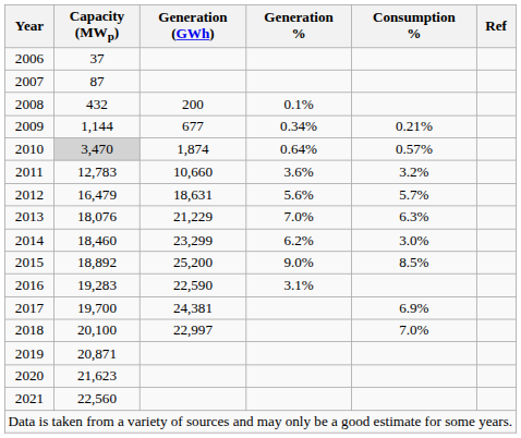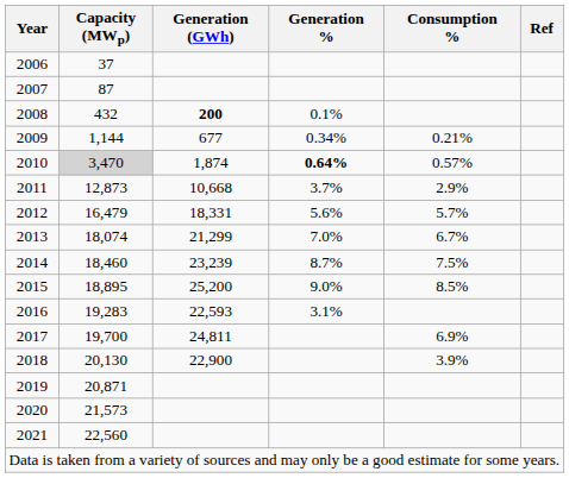 <table class="wikitable" style=": left; text-align: center;">
 <tr>
 <th>Year</th>
 <th>Capacity<br>(MW<sub>p</sub>)</th>
 <th>Generation<br>(<a href='#'>GWh</a>)</th>
 <th>Generation<br>%</th>
 <th>Consumption<br>%</th>
 <th>Ref</th>
 </tr>
 <tr>
 <td>2006</td>
 <td>37</td>
 <td></td>
 <td></td>
 <td></td>
 <td></td>
 </tr>
 <tr>
 <td>2007</td>
 <td>87</td>
 <td></td>
 <td></td>
 <td></td>
 <td></td>
 </tr>
 <tr>
 <td>2008</td>
 <td>432</td>
-<td>200</td>
+<td><strong>200</strong></td>
 <td>0.1%</td>
 <td></td>
 <td></td>
 </tr>
 <tr>
 <td>2009</td>
 <td>1,144</td>
 <td>677</td>
 <td>0.34%</td>
 <td>0.21%</td>
 <td></td>
 </tr>
 <tr>
 <td>2010</td>
 <td style="background: lightgrey;">3,470</td>
 <td>1,874</td>
-<td>0.64%</td>
+<td><strong>0.64%</strong></td>
 <td>0.57%</td>
 <td></td>
 </tr>
 <tr>
 <td>2011</td>
-<td>12,783</td>
-<td>10,660</td>
-<td>3.6%</td>
-<td>3.2%</td>
+<td>12,873</td>
+<td>10,668</td>
+<td>3.7%</td>
+<td>2.9%</td>
 <td></td>
 </tr>
 <tr>
 <td>2012</td>
 <td>16,479</td>
-<td>18,631</td>
+<td>18,331</td>
 <td>5.6%</td>
 <td>5.7%</td>
 <td></td>
 </tr>
 <tr>
 <td>2013</td>
-<td>18,076</td>
-<td>21,229</td>
+<td>18,074</td>
+<td>21,299</td>
 <td>7.0%</td>
-<td>6.3%</td>
+<td>6.7%</td>
 <td></td>
 </tr>
 <tr>
 <td>2014</td>
 <td>18,460</td>
-<td>23,299</td>
-<td>6.2%</td>
-<td>3.0%</td>
+<td>23,239</td>
+<td>8.7%</td>
+<td>7.5%</td>
 <td></td>
 </tr>
 <tr>
 <td>2015</td>
-<td>18,892</td>
+<td>18,895</td>
 <td>25,200</td>
 <td>9.0%</td>
 <td>8.5%</td>
 <td></td>
 </tr>
 <tr>
 <td>2016</td>
 <td>19,283</td>
-<td>22,590</td>
+<td>22,593</td>
 <td>3.1%</td>
 <td></td>
 <td></td>
 </tr>
 <tr>
 <td>2017</td>
 <td>19,700</td>
-<td>24,381</td>
+<td>24,811</td>
 <td></td>
 <td>6.9%</td>
 <td></td>
 </tr>
 <tr>
 <td>2018</td>
-<td>20,100</td>
-<td>22,997</td>
+<td>20,130</td>
+<td>22,900</td>
 <td></td>
-<td>7.0%</td>
+<td>3.9%</td>
 <td></td>
 </tr>
 <tr>
 <td>2019</td>
 <td>20,871</td>
 <td></td>
 <td></td>
 <td></td>
 <td></td>
 </tr>
 <tr>
 <td>2020</td>
-<td>21,623</td>
+<td>21,573</td>
 <td></td>
 <td></td>
 <td></td>
 <td></td>
 </tr>
 <tr>
 <td>2021</td>
 <td>22,560</td>
 <td></td>
 <td></td>
 <td></td>
 <td></td>
 </tr>
 <tr>
 <td colspan="6">Data is taken from a variety of sources and may only be a good estimate for some years.</td>
 </tr>
 </table>
